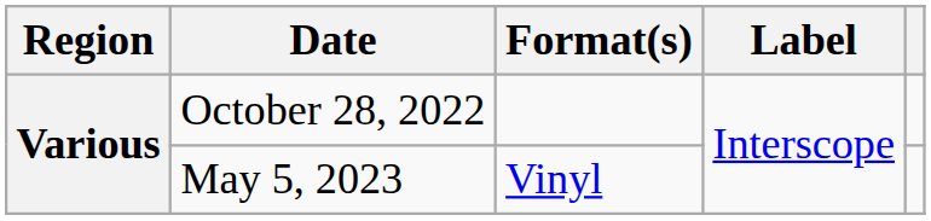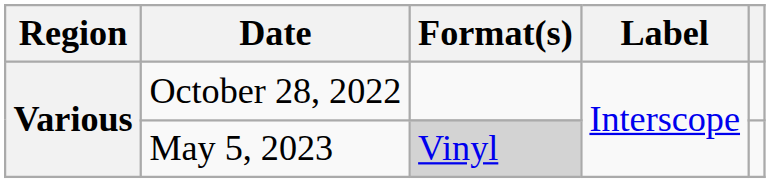 <table class="wikitable plainrowheaders">
 <tr>
 <th scope="col">Region</th>
 <th scope="col">Date</th>
 <th scope="col">Format(s)</th>
 <th scope="col">Label</th>
 <th scope="col"></th>
 </tr>
 <tr>
 <th rowspan="2" scope="row">Various</th>
 <td>October 28, 2022</td>
 <td></td>
 <td rowspan="2"><a href='#'>Interscope</a></td>
 <td align="center"></td>
 </tr>
 <tr>
 <td>May 5, 2023</td>
-<td><a href='#'>Vinyl</a></td>
+<td style="background: lightgrey;"><a href='#'>Vinyl</a></td>
 <td align="center"></td>
 </tr>
 </table>
